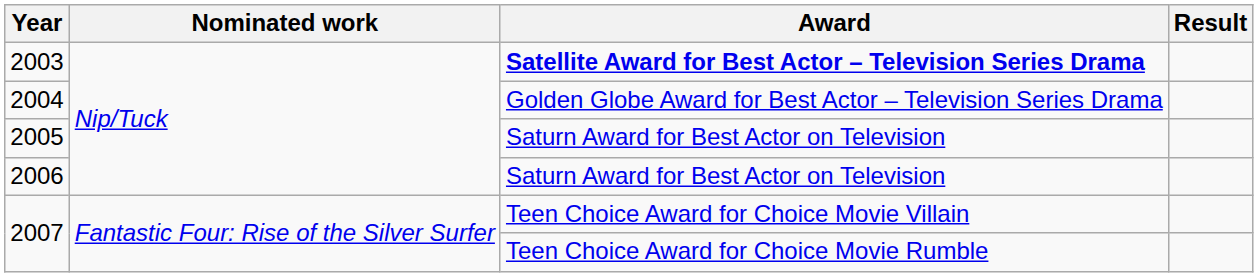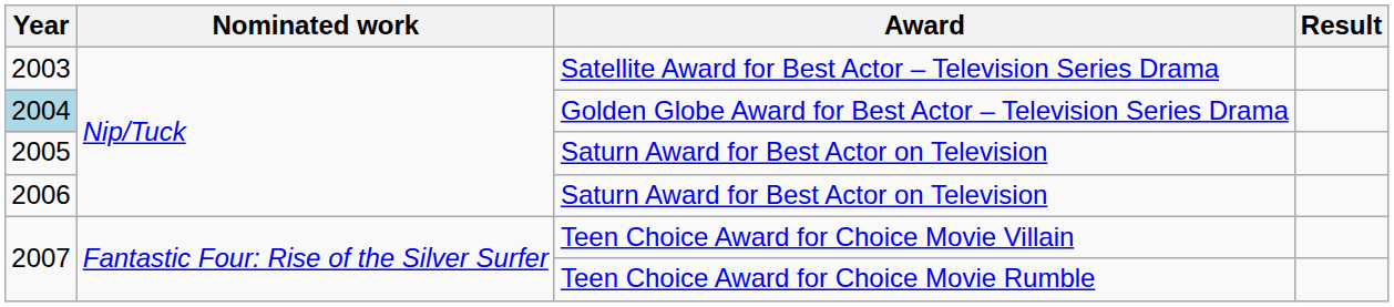 <table class="wikitable sortable">
 <tr>
 <th>Year</th>
 <th>Nominated work</th>
 <th>Award</th>
 <th>Result</th>
 </tr>
 <tr>
 <td>2003</td>
 <td rowspan=4><em><a href='#'>Nip/Tuck</a></em></td>
-<td><strong><a href='#'>Satellite Award for Best Actor – Television Series Drama</a></strong></td>
+<td><a href='#'>Satellite Award for Best Actor – Television Series Drama</a></td>
 <td></td>
 </tr>
 <tr>
-<td>2004</td>
+<td style="background: lightblue;">2004</td>
 <td><a href='#'>Golden Globe Award for Best Actor – Television Series Drama</a></td>
 <td></td>
 </tr>
 <tr>
 <td>2005</td>
 <td><a href='#'>Saturn Award for Best Actor on Television</a></td>
 <td></td>
 </tr>
 <tr>
 <td>2006</td>
 <td><a href='#'>Saturn Award for Best Actor on Television</a></td>
 <td></td>
 </tr>
 <tr>
 <td rowspan=2>2007</td>
 <td rowspan=2><em><a href='#'>Fantastic Four: Rise of the Silver Surfer</a></em></td>
 <td><a href='#'>Teen Choice Award for Choice Movie Villain</a></td>
 <td></td>
 </tr>
 <tr>
 <td><a href='#'>Teen Choice Award for Choice Movie Rumble</a> </td>
 <td></td>
 </tr>
 </table>
